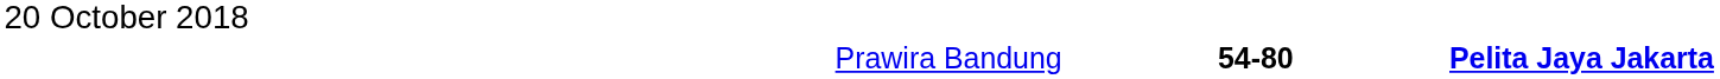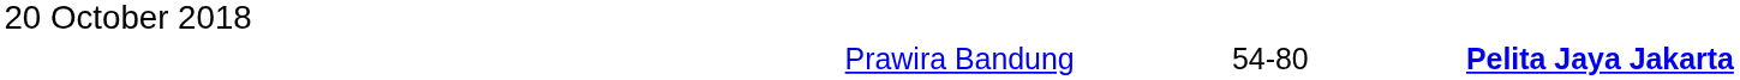 <table cellspacing="1" style="width:100%;">
 <tr>
 <td>20 October 2018</td>
 </tr>
 <tr style="font-size:90%">
 <td align="right"><a href='#'>Prawira Bandung</a></td>
 <td></td>
-<td align="center"><strong>54-80</strong></td>
+<td align="center">54-80</td>
 <td></td>
 <td><a href='#'><strong>Pelita Jaya Jakarta</strong></a></td>
 </tr>
 </table>
